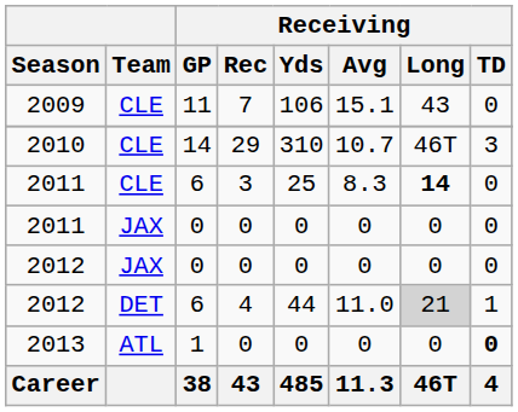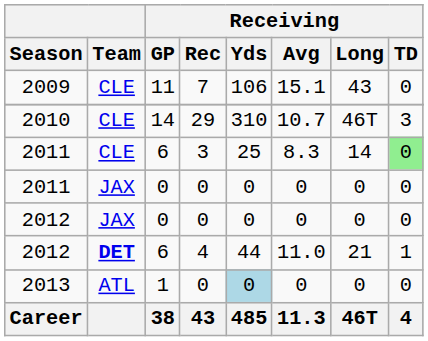 <table class="wikitable" border="1">
 <tr>
 <th colspan="2"> </th>
 <th colspan="7" align="center">Receiving</th>
 </tr>
 <tr>
 <th>Season</th>
 <th>Team</th>
 <th>GP</th>
 <th>Rec</th>
 <th>Yds</th>
 <th>Avg</th>
 <th>Long</th>
 <th>TD</th>
 </tr>
 <tr style="text-align:center;">
 <td>2009</td>
 <td><a href='#'>CLE</a></td>
 <td>11</td>
 <td>7</td>
 <td>106</td>
 <td>15.1</td>
 <td>43</td>
 <td>0</td>
 </tr>
 <tr>
 </tr>
 <tr style="text-align:center;">
 <td>2010</td>
 <td><a href='#'>CLE</a></td>
 <td>14</td>
 <td>29</td>
 <td>310</td>
 <td>10.7</td>
 <td>46T</td>
 <td>3</td>
 </tr>
 <tr style="text-align:center;">
 <td>2011</td>
 <td><a href='#'>CLE</a></td>
 <td>6</td>
 <td>3</td>
 <td>25</td>
 <td>8.3</td>
-<td><strong>14</strong></td>
-<td>0</td>
+<td>14</td>
+<td style="background: lightgreen;">0</td>
 </tr>
 <tr style="text-align:center;">
 <td>2011</td>
 <td><a href='#'>JAX</a></td>
 <td>0</td>
 <td>0</td>
 <td>0</td>
 <td>0</td>
 <td>0</td>
 <td>0</td>
 </tr>
 <tr style="text-align:center;">
 <td>2012</td>
 <td><a href='#'>JAX</a></td>
 <td>0</td>
 <td>0</td>
 <td>0</td>
 <td>0</td>
 <td>0</td>
 <td>0</td>
 </tr>
 <tr style="text-align:center;">
 <td>2012</td>
-<td><a href='#'>DET</a></td>
+<td><strong><a href='#'>DET</a></strong></td>
 <td>6</td>
 <td>4</td>
 <td>44</td>
 <td>11.0</td>
-<td style="background: lightgrey;">21</td>
+<td>21</td>
 <td>1</td>
 </tr>
 <tr style="text-align:center;">
 <td>2013</td>
 <td><a href='#'>ATL</a></td>
 <td>1</td>
 <td>0</td>
+<td style="background: lightblue;">0</td>
 <td>0</td>
 <td>0</td>
 <td>0</td>
-<td><strong>0</strong></td>
 </tr>
 <tr>
 <th>Career</th>
 <th></th>
 <th>38</th>
 <th>43</th>
 <th>485</th>
 <th>11.3</th>
 <th>46T</th>
 <th>4</th>
 </tr>
 </table>
